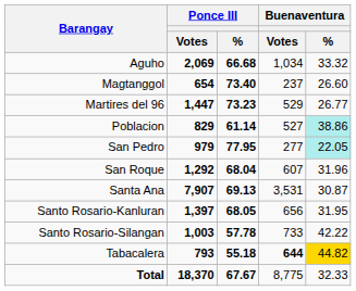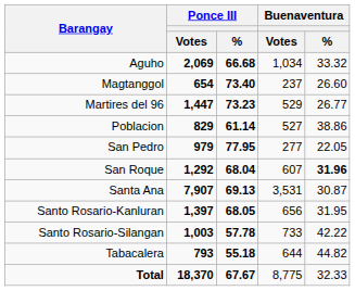 <table class="wikitable collapsible collapsed" style="text-align:right; font-size:95%; line-height:20px;">
 <tr>
 <th rowspan="3" width="200"><a href='#'>Barangay</a></th>
 <th colspan="2" width="110"><a href='#'>Ponce III</a></th>
 <th colspan="2" width="110">Buenaventura</th>
 </tr>
 <tr>
 <th colspan="2" style="background:"></th>
 <th colspan="2" style="background:"></th>
 </tr>
 <tr>
 <th>Votes</th>
 <th>%</th>
 <th>Votes</th>
 <th>%</th>
 </tr>
 <tr>
 <td>Aguho</td>
 <td style="background:#"><strong>2,069</strong></td>
 <td style="background:#"><strong>66.68</strong></td>
 <td>1,034</td>
 <td>33.32</td>
 </tr>
 <tr>
 <td>Magtanggol</td>
 <td style="background:#"><strong>654</strong></td>
 <td style="background:#"><strong>73.40</strong></td>
 <td>237</td>
 <td>26.60</td>
 </tr>
 <tr>
 <td>Martires del 96</td>
 <td style="background:#"><strong>1,447</strong></td>
 <td style="background:#"><strong>73.23</strong></td>
 <td>529</td>
 <td>26.77</td>
 </tr>
 <tr>
 <td>Poblacion</td>
 <td style="background:#"><strong>829</strong></td>
 <td style="background:#"><strong>61.14</strong></td>
 <td>527</td>
-<td style="background: paleturquoise;">38.86</td>
+<td>38.86</td>
 </tr>
 <tr>
 <td>San Pedro</td>
 <td style="background:#"><strong>979</strong></td>
 <td style="background:#"><strong>77.95</strong></td>
 <td>277</td>
-<td style="background: paleturquoise;">22.05</td>
+<td>22.05</td>
 </tr>
 <tr>
 <td>San Roque</td>
 <td style="background:#"><strong>1,292</strong></td>
 <td style="background:#"><strong>68.04</strong></td>
 <td>607</td>
-<td>31.96</td>
+<td><strong>31.96</strong></td>
 </tr>
 <tr>
 <td>Santa Ana</td>
 <td style="background:#"><strong>7,907</strong></td>
 <td style="background:#"><strong>69.13</strong></td>
 <td>3,531</td>
 <td>30.87</td>
 </tr>
 <tr>
 <td>Santo Rosario-Kanluran</td>
 <td style="background:#"><strong>1,397</strong></td>
 <td style="background:#"><strong>68.05</strong></td>
 <td>656</td>
 <td>31.95</td>
 </tr>
 <tr>
 <td>Santo Rosario-Silangan</td>
 <td style="background:#"><strong>1,003</strong></td>
 <td style="background:#"><strong>57.78</strong></td>
 <td>733</td>
 <td>42.22</td>
 </tr>
 <tr>
 <td>Tabacalera</td>
 <td style="background:#"><strong>793</strong></td>
 <td style="background:#"><strong>55.18</strong></td>
-<td><strong>644</strong></td>
-<td style="background: gold;">44.82</td>
+<td>644</td>
+<td>44.82</td>
 </tr>
 <tr>
 <td><strong>Total</strong></td>
 <td style="background:#"><strong>18,370</strong></td>
 <td style="background:#"><strong>67.67</strong></td>
 <td>8,775</td>
 <td>32.33</td>
 </tr>
 </table>
